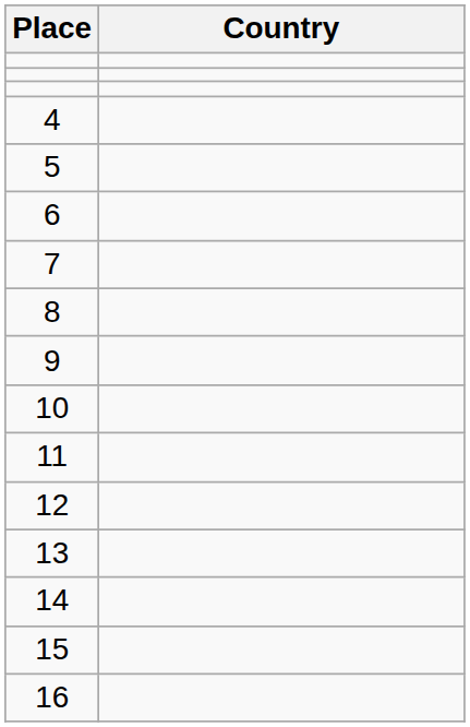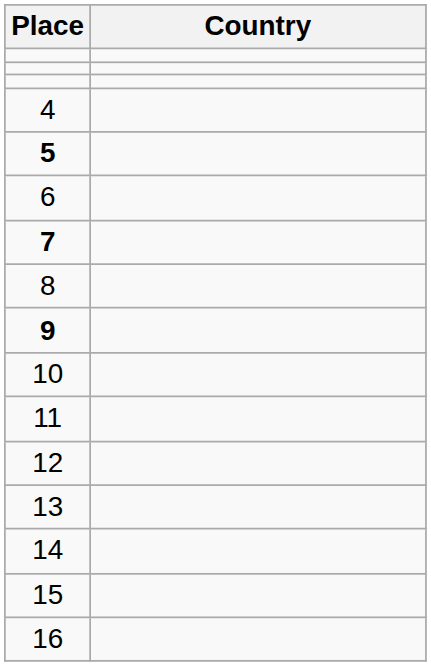 <table class=wikitable style=text-align:center>
 <tr>
 <th width=35>Place</th>
 <th width=185>Country</th>
 </tr>
 <tr>
 <td></td>
 <td style=text-align:left></td>
 </tr>
 <tr>
 <td></td>
 <td style=text-align:left></td>
 </tr>
 <tr>
 <td></td>
 <td style=text-align:left></td>
 </tr>
 <tr>
 <td>4</td>
 <td style=text-align:left></td>
 </tr>
 <tr>
-<td>5</td>
+<td><strong>5</strong></td>
 <td style=text-align:left></td>
 </tr>
 <tr>
 <td>6</td>
 <td style=text-align:left></td>
 </tr>
 <tr>
-<td>7</td>
+<td><strong>7</strong></td>
 <td style=text-align:left></td>
 </tr>
 <tr>
 <td>8</td>
 <td style=text-align:left></td>
 </tr>
 <tr>
-<td>9</td>
+<td><strong>9</strong></td>
 <td style=text-align:left></td>
 </tr>
 <tr>
 <td>10</td>
 <td style=text-align:left></td>
 </tr>
 <tr>
 <td>11</td>
 <td style=text-align:left></td>
 </tr>
 <tr>
 <td>12</td>
 <td style=text-align:left></td>
 </tr>
 <tr>
 <td>13</td>
 <td style=text-align:left></td>
 </tr>
 <tr>
 <td>14</td>
 <td style=text-align:left></td>
 </tr>
 <tr>
 <td>15</td>
 <td style=text-align:left></td>
 </tr>
 <tr>
 <td>16</td>
 <td style=text-align:left></td>
 </tr>
 </table>
